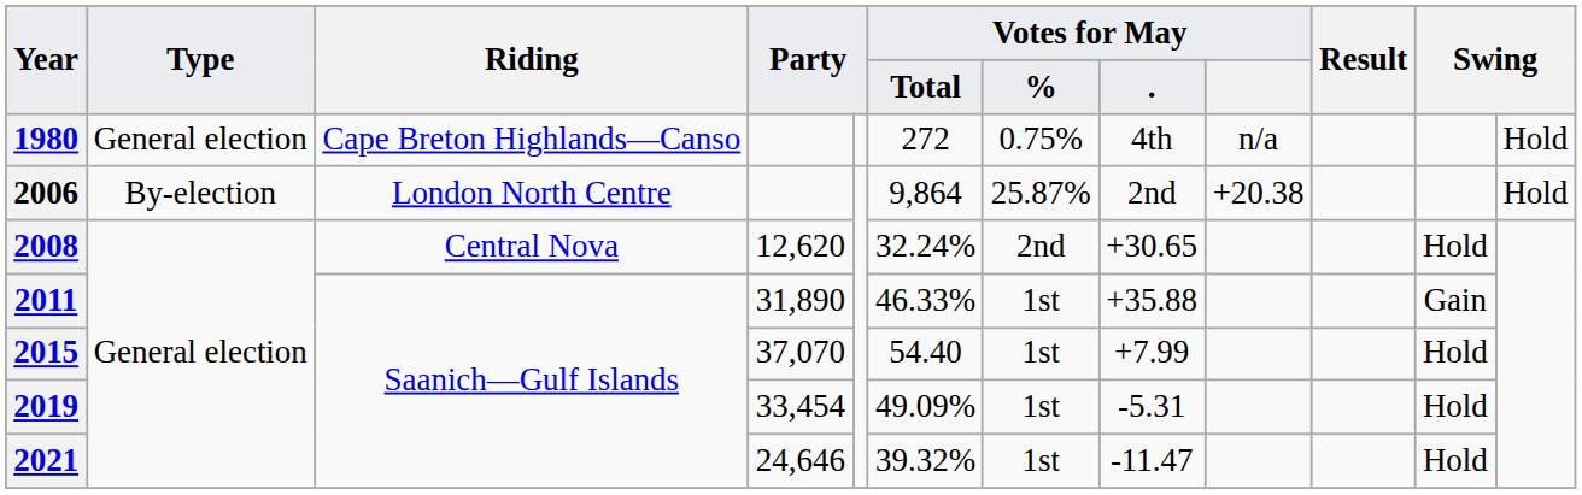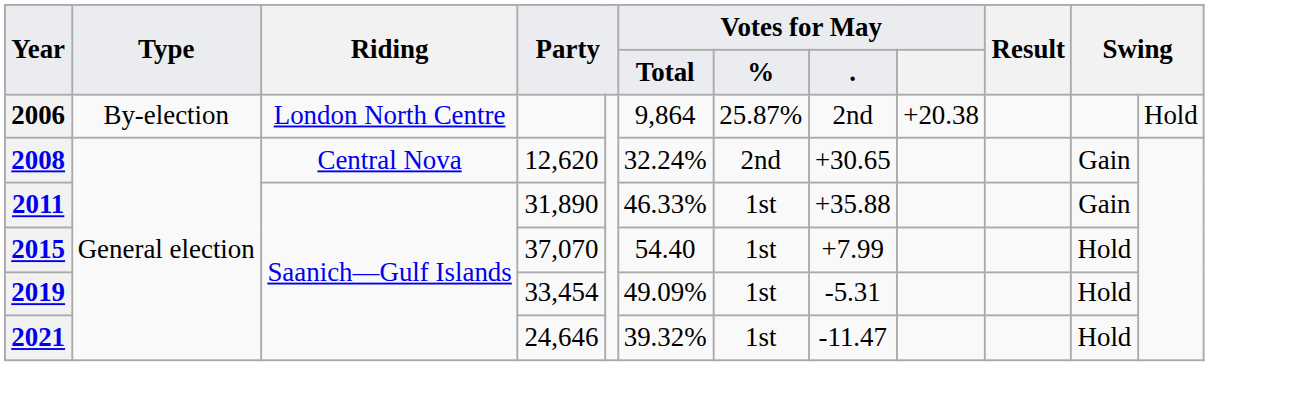 <table class="wikitable" style="font-size:90%; text-align:center;">
 <tr>
 <th rowspan="2" style="background:#eaecf0;">Year</th>
 <th rowspan="2" style="background:#eaecf0;">Type</th>
 <th rowspan="2">Riding</th>
 <th colspan="2" rowspan="2" style="background:#eaecf0;">Party</th>
 <th colspan="4" style="background:#eaecf0;">Votes for May</th>
 <th rowspan="2">Result</th>
 <th colspan="2" rowspan="2">Swing</th>
 </tr>
 <tr>
 <th style="background:#eaecf0;">Total</th>
 <th style="background:#eaecf0;">%</th>
 <th style="background:#eaecf0;">.</th>
 <th></th>
-</tr>
-<tr>
-<th><a href='#'>1980</a></th>
-<td>General election</td>
-<td><a href='#'>Cape Breton Highlands—Canso</a></td>
-<td style="background-color:"></td>
-<td></td>
-<td>272</td>
-<td>0.75%</td>
-<td>4th</td>
-<td>n/a</td>
-<td></td>
-<td style="background-color:"></td>
-<td>Hold</td>
 </tr>
 <tr>
 <th>2006</th>
 <td>By-election</td>
 <td><a href='#'>London North Centre</a></td>
 <td style="background-color:"></td>
 <td rowspan="6"></td>
 <td>9,864</td>
 <td>25.87%</td>
 <td>2nd</td>
 <td>+20.38</td>
 <td></td>
 <td style="background-color:"></td>
 <td>Hold</td>
 </tr>
 <tr>
 <th><a href='#'>2008</a></th>
 <td rowspan="5">General election</td>
 <td><a href='#'>Central Nova</a></td>
 <td>12,620</td>
 <td>32.24%</td>
 <td>2nd</td>
 <td>+30.65</td>
 <td></td>
 <td style="background-color:"></td>
-<td>Hold</td>
+<td>Gain</td>
 </tr>
 <tr>
 <th><a href='#'>2011</a></th>
 <td rowspan="4"><a href='#'>Saanich—Gulf Islands</a></td>
 <td>31,890</td>
 <td>46.33%</td>
 <td>1st</td>
 <td>+35.88</td>
 <td></td>
 <td style="background-color:"></td>
 <td>Gain</td>
 </tr>
 <tr>
 <th><a href='#'>2015</a></th>
 <td>37,070</td>
 <td>54.40</td>
 <td>1st</td>
 <td>+7.99</td>
 <td></td>
 <td style="background-color:"></td>
 <td>Hold</td>
 </tr>
 <tr>
 <th><a href='#'>2019</a></th>
 <td>33,454</td>
 <td>49.09%</td>
 <td>1st</td>
 <td>-5.31</td>
 <td></td>
 <td style="background-color:"></td>
 <td>Hold</td>
 </tr>
 <tr>
 <th><a href='#'>2021</a></th>
 <td>24,646</td>
 <td>39.32%</td>
 <td>1st</td>
 <td>-11.47</td>
 <td></td>
 <td style="background-color:"></td>
 <td>Hold</td>
 </tr>
 </table>
